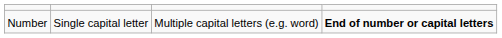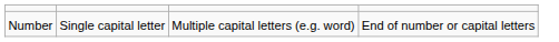 <table class="wikitable" style="line-height: 1.2">
 <tr align="center">
 <td></td>
 <td></td>
 <td></td>
 <td></td>
 </tr>
 <tr align="center">
 <td><small>Number</small></td>
 <td><small>Single capital letter</small></td>
 <td><small>Multiple capital letters (e.g. word)</small></td>
-<td><strong><small>End of number or capital letters</small></strong></td>
+<td><small>End of number or capital letters</small></td>
 </tr>
 </table>
